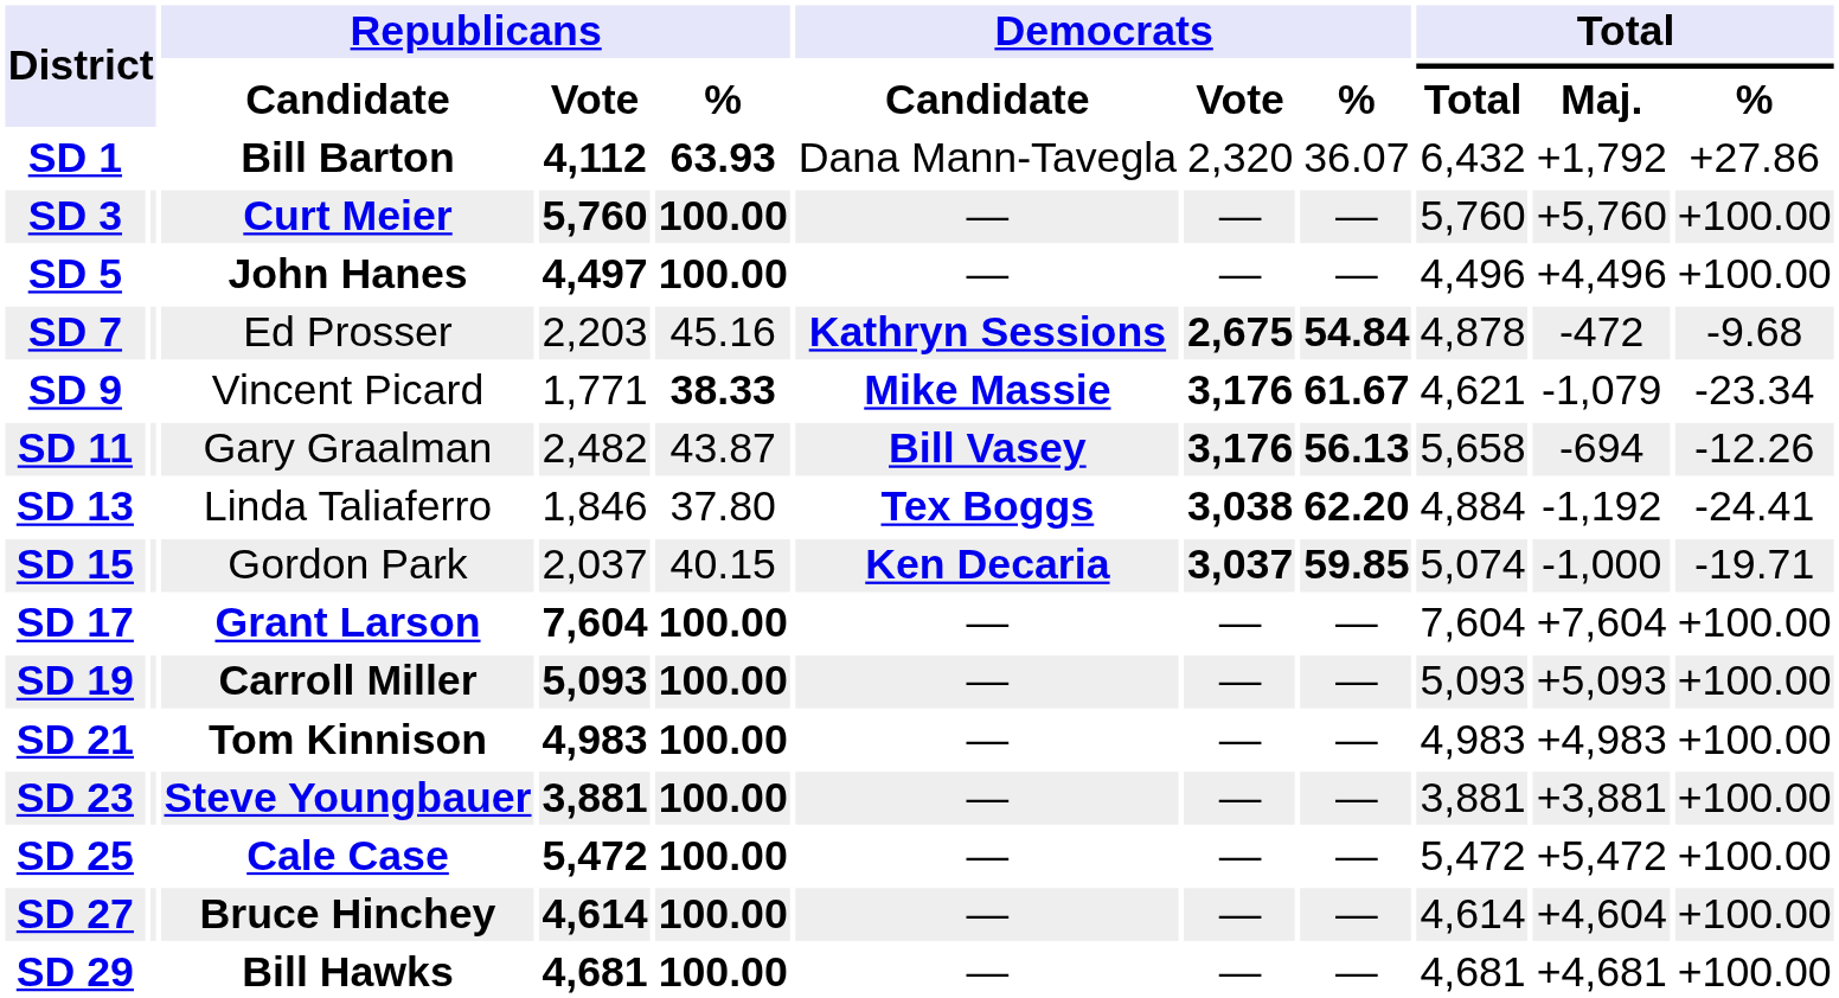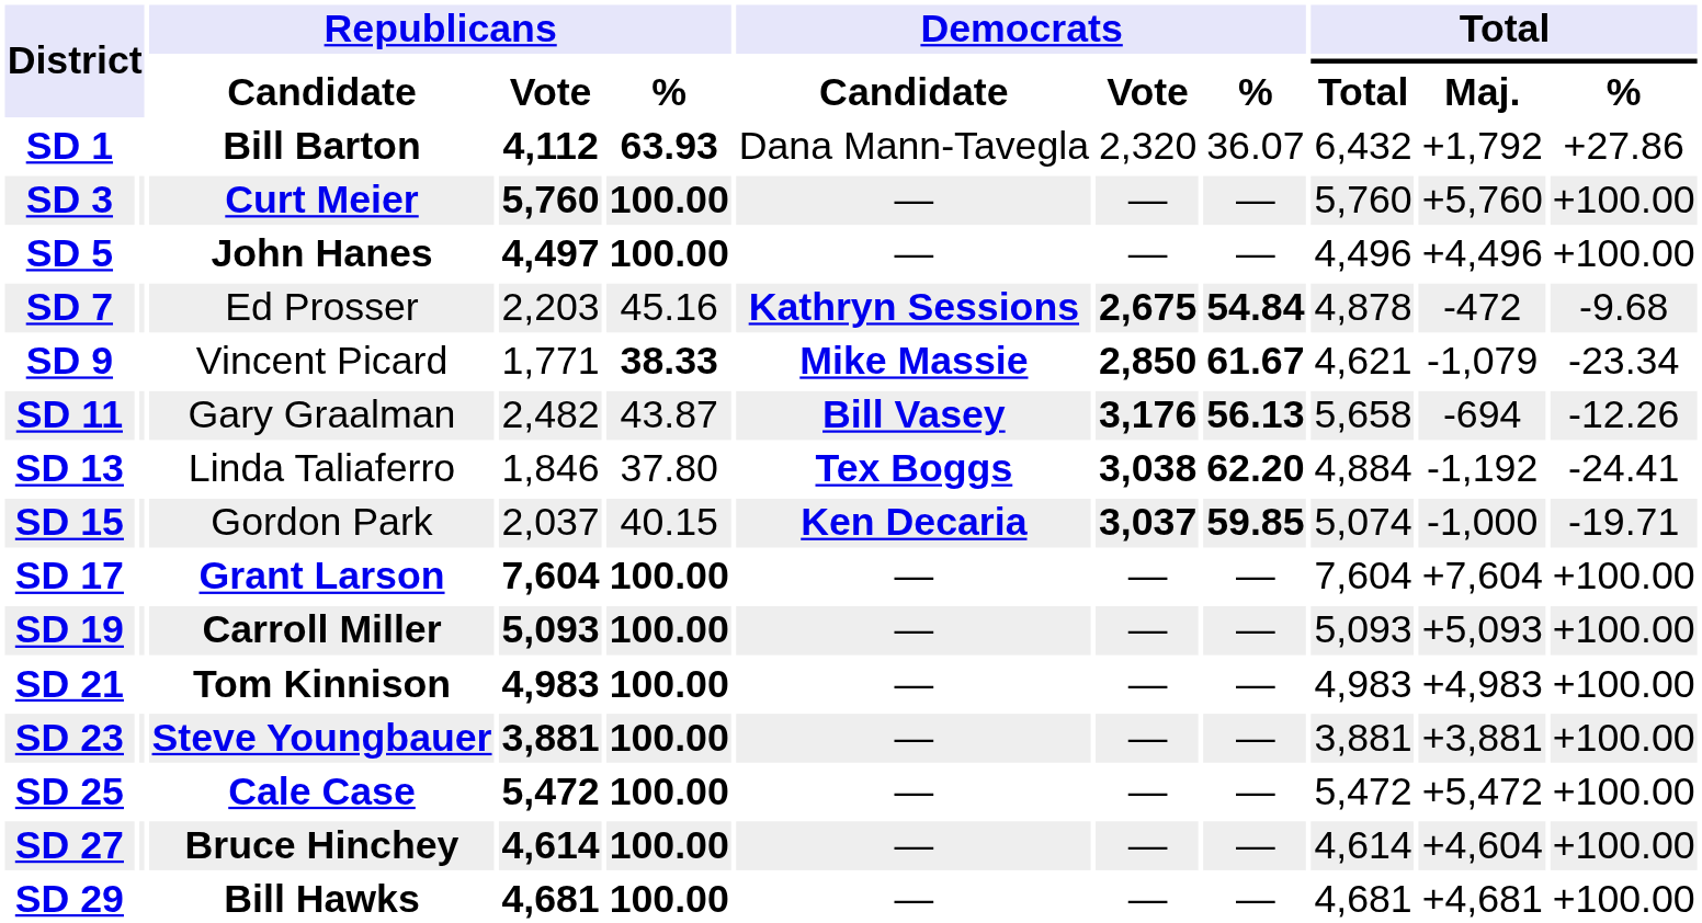 <table class="toccolours sortable" style="text-align:center;">
 <tr style="background:lavender">
 <th rowspan="3" colspan="2">District</th>
 <th colspan=3><a href='#'>Republicans</a></th>
 <th colspan=3><a href='#'>Democrats</a></th>
 <th colspan=3>Total</th>
 </tr>
 <tr>
 <th colspan=3 style="background-color:"></th>
 <th colspan=3 style="background-color:"></th>
 <th colspan=3 style="background-color:#000000"></th>
 </tr>
 <tr>
 <th align="center">Candidate</th>
 <th align="center">Vote</th>
 <th align="center">%</th>
 <th align="center">Candidate</th>
 <th align="center">Vote</th>
 <th align="center">%</th>
 <th align="center">Total</th>
 <th align="center">Maj.</th>
 <th align="center">%</th>
 </tr>
 <tr>
 <th><a href='#'>SD 1</a></th>
 <td style="background-color:"></td>
 <td><strong>Bill Barton </strong></td>
 <td><strong>4,112</strong></td>
 <td><strong>63.93	</strong></td>
 <td>Dana Mann-Tavegla</td>
 <td>2,320</td>
 <td>36.07</td>
 <td>6,432</td>
 <td>+1,792</td>
 <td>+27.86</td>
 </tr>
 <tr style="background:#EEEEEE;">
 <th><a href='#'>SD 3</a></th>
 <td style="background-color:"></td>
 <td><strong><a href='#'>Curt Meier</a></strong></td>
 <td><strong>5,760</strong></td>
 <td><strong>100.00</strong></td>
 <td>—</td>
 <td>—</td>
 <td>—</td>
 <td>5,760</td>
 <td>+5,760</td>
 <td>+100.00</td>
 </tr>
 <tr>
 <th><a href='#'>SD 5</a></th>
 <td style="background-color:"></td>
 <td><strong>John Hanes </strong></td>
 <td><strong>4,497 </strong></td>
 <td><strong>100.00</strong></td>
 <td>—</td>
 <td>—</td>
 <td>—</td>
 <td>4,496</td>
 <td>+4,496</td>
 <td>+100.00</td>
 </tr>
 <tr style="background:#EEEEEE;">
 <th><a href='#'>SD 7</a></th>
 <td style="background-color:"></td>
 <td>Ed Prosser</td>
 <td>2,203</td>
 <td>45.16</td>
 <td><strong><a href='#'>Kathryn Sessions</a></strong></td>
 <td><strong>2,675</strong></td>
 <td><strong>54.84</strong></td>
 <td>4,878</td>
 <td>-472</td>
 <td>-9.68</td>
 </tr>
 <tr>
 <th><a href='#'>SD 9</a></th>
 <td style="background-color:"></td>
 <td>Vincent Picard</td>
 <td>1,771</td>
 <td><strong>38.33</strong></td>
 <td><strong><a href='#'>Mike Massie</a></strong></td>
-<td><strong>3,176</strong></td>
+<td><strong>2,850</strong></td>
 <td><strong>61.67</strong></td>
 <td>4,621</td>
 <td>-1,079</td>
 <td>-23.34</td>
 </tr>
 <tr style="background:#EEEEEE;">
 <th><a href='#'>SD 11</a></th>
 <td style="background-color:"></td>
 <td>Gary Graalman</td>
 <td>2,482</td>
 <td>43.87</td>
 <td><strong><a href='#'>Bill Vasey</a></strong></td>
 <td><strong>3,176</strong></td>
 <td><strong>56.13</strong></td>
 <td>5,658</td>
 <td>-694</td>
 <td>-12.26</td>
 </tr>
 <tr>
 <th><a href='#'>SD 13</a></th>
 <td style="background-color:"></td>
 <td>Linda Taliaferro</td>
 <td>1,846</td>
 <td>37.80</td>
 <td><strong><a href='#'>Tex Boggs</a></strong></td>
 <td><strong>3,038</strong></td>
 <td><strong>62.20</strong></td>
 <td>4,884</td>
 <td>-1,192</td>
 <td>-24.41</td>
 </tr>
 <tr style="background:#EEEEEE;">
 <th><a href='#'>SD 15</a></th>
 <td style="background-color:"></td>
 <td>Gordon Park</td>
 <td>2,037</td>
 <td>40.15</td>
 <td><strong><a href='#'>Ken Decaria</a></strong></td>
 <td><strong>3,037</strong></td>
 <td><strong>59.85</strong></td>
 <td>5,074</td>
 <td>-1,000</td>
 <td>-19.71</td>
 </tr>
 <tr>
 <th><a href='#'>SD 17</a></th>
 <td style="background-color:"></td>
 <td><strong><a href='#'>Grant Larson</a></strong></td>
 <td><strong>7,604</strong></td>
 <td><strong>100.00</strong></td>
 <td>—</td>
 <td>—</td>
 <td>—</td>
 <td>7,604</td>
 <td>+7,604</td>
 <td>+100.00</td>
 </tr>
 <tr style="background:#EEEEEE;">
 <th><a href='#'>SD 19</a></th>
 <td style="background-color:"></td>
 <td><strong>Carroll Miller </strong></td>
 <td><strong>5,093</strong></td>
 <td><strong>100.00</strong></td>
 <td>—</td>
 <td>—</td>
 <td>—</td>
 <td>5,093</td>
 <td>+5,093</td>
 <td>+100.00</td>
 </tr>
 <tr>
 <th><a href='#'>SD 21</a></th>
 <td style="background-color:"></td>
 <td><strong>Tom Kinnison </strong></td>
 <td><strong>4,983</strong></td>
 <td><strong>100.00</strong></td>
 <td>—</td>
 <td>—</td>
 <td>—</td>
 <td>4,983</td>
 <td>+4,983</td>
 <td>+100.00</td>
 </tr>
 <tr style="background:#EEEEEE;">
 <th><a href='#'>SD 23</a></th>
 <td style="background-color:"></td>
 <td><strong><a href='#'>Steve Youngbauer</a></strong></td>
 <td><strong>3,881</strong></td>
 <td><strong>100.00</strong></td>
 <td>—</td>
 <td>—</td>
 <td>—</td>
 <td>3,881</td>
 <td>+3,881</td>
 <td>+100.00</td>
 </tr>
 <tr>
 <th><a href='#'>SD 25</a></th>
 <td style="background-color:"></td>
 <td><strong><a href='#'>Cale Case</a></strong></td>
 <td><strong>5,472</strong></td>
 <td><strong>100.00</strong></td>
 <td>—</td>
 <td>—</td>
 <td>—</td>
 <td>5,472</td>
 <td>+5,472</td>
 <td>+100.00</td>
 </tr>
 <tr style="background:#EEEEEE;">
 <th><a href='#'>SD 27</a></th>
 <td style="background-color:"></td>
 <td><strong>Bruce Hinchey </strong></td>
 <td><strong>4,614</strong></td>
 <td><strong>100.00</strong></td>
 <td>—</td>
 <td>—</td>
 <td>—</td>
 <td>4,614</td>
 <td>+4,604</td>
 <td>+100.00</td>
 </tr>
 <tr>
 <th><a href='#'>SD 29</a></th>
 <td style="background-color:"></td>
 <td><strong>Bill Hawks </strong></td>
 <td><strong>4,681</strong></td>
 <td><strong>100.00</strong></td>
 <td>—</td>
 <td>—</td>
 <td>—</td>
 <td>4,681</td>
 <td>+4,681</td>
 <td>+100.00</td>
 </tr>
 </table>
